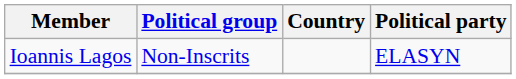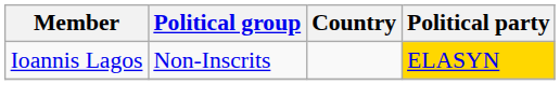 <table class="wikitable">
 <tr>
 <th>Member</th>
 <th><a href='#'>Political group</a></th>
 <th>Country</th>
 <th>Political party</th>
 </tr>
 <tr>
 <td><a href='#'>Ioannis Lagos</a></td>
 <td><a href='#'>Non-Inscrits</a></td>
 <td></td>
-<td><a href='#'>ELASYN</a></td>
+<td style="background: gold;"><a href='#'>ELASYN</a></td>
 </tr>
 <tr>
 </tr>
 </table>
